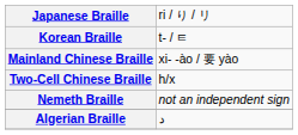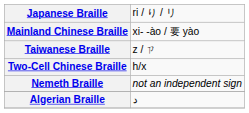 <table class="wikitable">
 <tr>
 <th align=left><a href='#'>Japanese Braille</a></th>
 <td>ri / り / リ </td>
 </tr>
 <tr>
-<th align=left><a href='#'>Korean Braille</a></th>
-<td>t- / ㅌ </td>
+<th align=left><a href='#'>Mainland Chinese Braille</a></th>
+<td>xi- -ào / 要 yào</td>
 </tr>
 <tr>
-<th align=left><a href='#'>Mainland Chinese Braille</a></th>
-<td>xi- -ào / 要 yào</td>
+<th align=left><a href='#'>Taiwanese Braille</a></th>
+<td>z / ㄗ</td>
 </tr>
 <tr>
 <th align=left><a href='#'>Two-Cell Chinese Braille</a></th>
 <td>h/x </td>
 </tr>
 <tr>
 <th align=left><a href='#'>Nemeth Braille</a></th>
 <td><em>not an independent sign</em> </td>
 </tr>
 <tr>
 </tr>
 <tr>
 <th align=left><a href='#'>Algerian Braille</a></th>
 <td>د ‎</td>
 </tr>
 <tr>
 </tr>
 </table>
